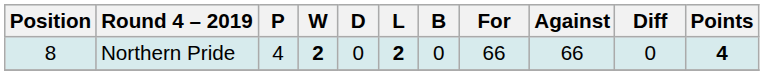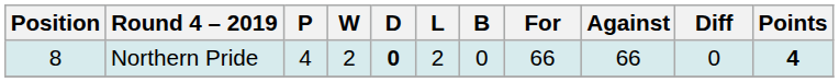 <table class="wikitable" style="text-align:center; font-size:85%;">
 <tr style="background: #d7ebed;">
 <th width="40" abbr="Position">Position</th>
 <th width="100">Round 4 – 2019</th>
 <th width="20" abbr="Played">P</th>
 <th width="20" abbr="Won">W</th>
 <th width="20" abbr="Drawn">D</th>
 <th width="20" abbr="Lost">L</th>
 <th width="20" abbr="Bye">B</th>
 <th width="40" abbr="Points for">For</th>
 <th width="40" abbr="Points against">Against</th>
 <th width="40" abbr="Points difference">Diff</th>
 <th width="40" abbr="Points">Points</th>
 </tr>
 <tr style="background: #d7ebed;">
 <td>8</td>
 <td style="text-align:left;"> Northern Pride</td>
 <td>4</td>
-<td><strong>2</strong></td>
-<td>0</td>
-<td><strong>2</strong></td>
+<td>2</td>
+<td><strong>0</strong></td>
+<td>2</td>
 <td>0</td>
 <td>66</td>
 <td>66</td>
 <td>0</td>
 <td><strong>4</strong></td>
 </tr>
 <tr>
 </tr>
 </table>
